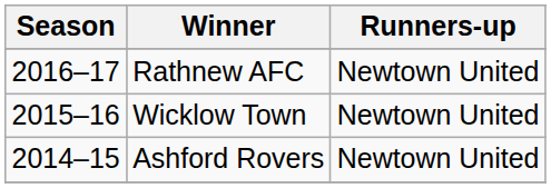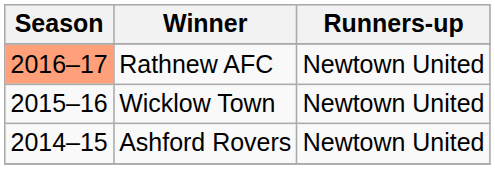 <table class="wikitable collapsible">
 <tr>
 <th>Season</th>
 <th>Winner</th>
 <th>Runners-up</th>
 </tr>
 <tr 15B.C>
 </tr>
 <tr>
-<td>2016–17</td>
+<td style="background: lightsalmon;">2016–17</td>
 <td>Rathnew AFC</td>
 <td>Newtown United</td>
 </tr>
 <tr>
 <td>2015–16</td>
 <td>Wicklow Town</td>
 <td>Newtown United</td>
 </tr>
 <tr>
 <td>2014–15</td>
 <td>Ashford Rovers</td>
 <td>Newtown United</td>
 </tr>
 <tr>
 </tr>
 </table>
